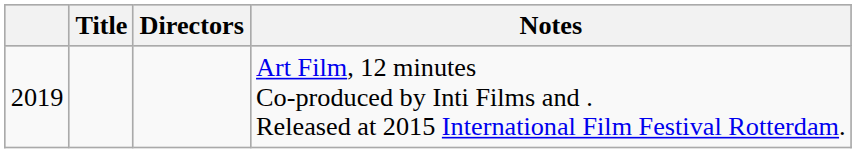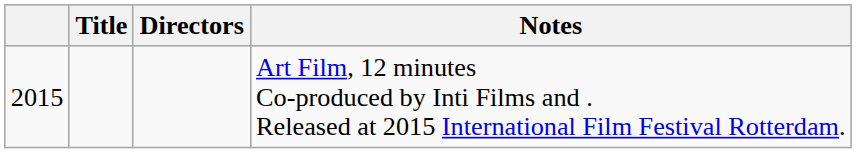 <table class="wikitable sortable">
 <tr>
 <th></th>
 <th>Title</th>
 <th>Directors</th>
 <th class="unsortable">Notes</th>
 </tr>
 <tr>
-<td>2019</td>
+<td>2015</td>
 <td><em></em></td>
 <td></td>
 <td><a href='#'>Art Film</a>, 12 minutes<br>Co-produced by Inti Films and .<br>Released at 2015 <a href='#'>International Film Festival Rotterdam</a>.</td>
 </tr>
 </table>
